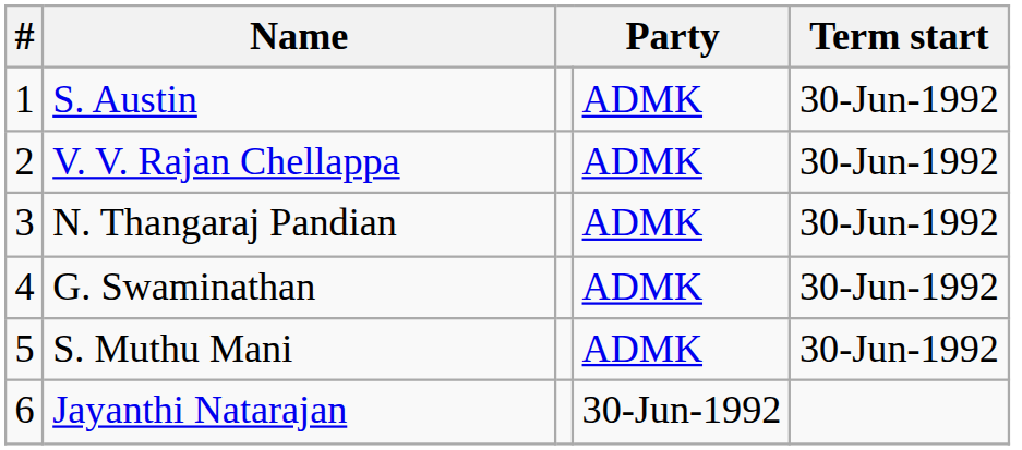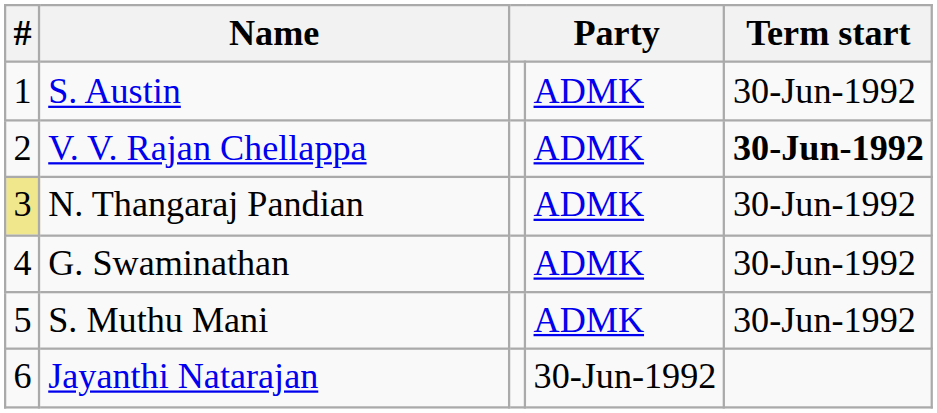 <table class="wikitable">
 <tr>
 <th>#</th>
 <th style="width:200px">Name</th>
 <th colspan="2">Party</th>
 <th>Term start</th>
 </tr>
 <tr>
 <td>1</td>
 <td><a href='#'>S. Austin</a></td>
 <td style="background-color: "></td>
 <td><a href='#'>ADMK</a></td>
 <td>30-Jun-1992</td>
 </tr>
 <tr>
 <td>2</td>
 <td><a href='#'>V. V. Rajan Chellappa</a></td>
 <td style="background-color: "></td>
 <td><a href='#'>ADMK</a></td>
-<td>30-Jun-1992</td>
+<td><strong>30-Jun-1992</strong></td>
 </tr>
 <tr>
-<td>3</td>
+<td style="background: khaki;">3</td>
 <td>N. Thangaraj Pandian</td>
 <td style="background-color: "></td>
 <td><a href='#'>ADMK</a></td>
 <td>30-Jun-1992</td>
 </tr>
 <tr>
 <td>4</td>
 <td>G. Swaminathan</td>
 <td style="background-color: "></td>
 <td><a href='#'>ADMK</a></td>
 <td>30-Jun-1992</td>
 </tr>
 <tr>
 <td>5</td>
 <td>S. Muthu Mani</td>
 <td style="background-color: "></td>
 <td><a href='#'>ADMK</a></td>
 <td>30-Jun-1992</td>
 </tr>
 <tr>
 <td>6</td>
 <td><a href='#'>Jayanthi Natarajan</a></td>
 <td></td>
 <td>30-Jun-1992</td>
 </tr>
 </table>
